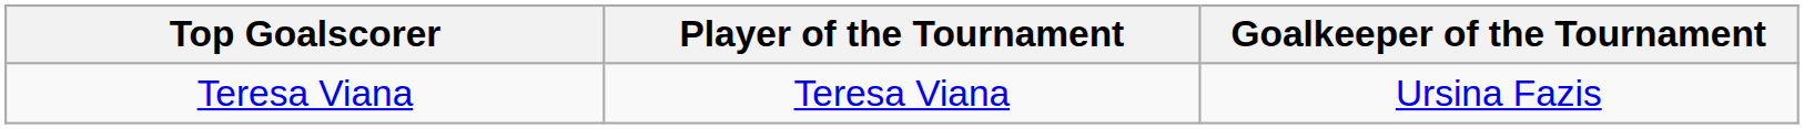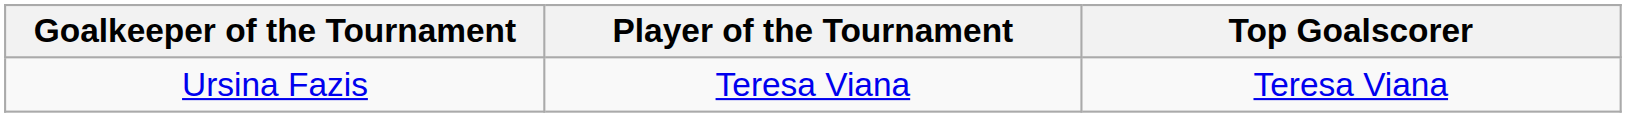 <table class=wikitable style="margin:auto; text-align:center">
 <tr>
+<th style="width: 250px;">Goalkeeper of the Tournament</th>
+<th style="width: 250px;">Player of the Tournament</th>
 <th style="width: 250px;">Top Goalscorer</th>
-<th style="width: 250px;">Player of the Tournament</th>
-<th style="width: 250px;">Goalkeeper of the Tournament</th>
 </tr>
 <tr>
+<td> <a href='#'>Ursina Fazis</a></td>
 <td> <a href='#'>Teresa Viana</a></td>
 <td> <a href='#'>Teresa Viana</a></td>
-<td> <a href='#'>Ursina Fazis</a></td>
 </tr>
 </table>
